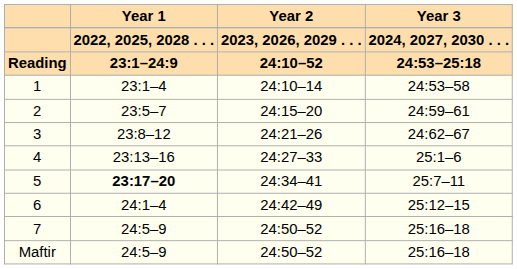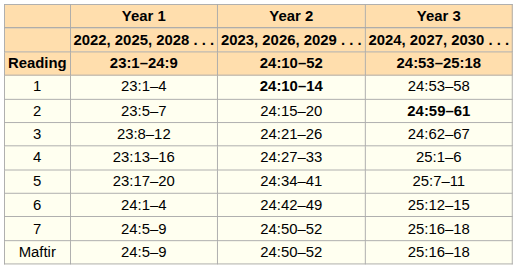 <table class="wikitable" style="background:Ivory; text-align:center">
 <tr>
 <th style="background:Navajowhite;"></th>
 <th style="background:Navajowhite;">Year 1</th>
 <th style="background:Navajowhite;">Year 2</th>
 <th style="background:Navajowhite;">Year 3</th>
 </tr>
 <tr>
 </tr>
 <tr>
 <th style="background:Navajowhite;"></th>
 <th style="background:Navajowhite;">2022, 2025, 2028 . . .</th>
 <th style="background:Navajowhite;">2023, 2026, 2029 . . .</th>
 <th style="background:Navajowhite;">2024, 2027, 2030 . . .</th>
 </tr>
 <tr>
 <th style="background:Navajowhite;">Reading</th>
 <th style="background:Navajowhite;">23:1–24:9</th>
 <th style="background:Navajowhite;">24:10–52</th>
 <th style="background:Navajowhite;">24:53–25:18</th>
 </tr>
 <tr>
 <td>1</td>
 <td>23:1–4</td>
-<td>24:10–14</td>
+<td><strong>24:10–14</strong></td>
 <td>24:53–58</td>
 </tr>
 <tr>
 <td>2</td>
 <td>23:5–7</td>
 <td>24:15–20</td>
-<td>24:59–61</td>
+<td><strong>24:59–61</strong></td>
 </tr>
 <tr>
 <td>3</td>
 <td>23:8–12</td>
 <td>24:21–26</td>
 <td>24:62–67</td>
 </tr>
 <tr>
 <td>4</td>
 <td>23:13–16</td>
 <td>24:27–33</td>
 <td>25:1–6</td>
 </tr>
 <tr>
 <td>5</td>
-<td><strong>23:17–20</strong></td>
+<td>23:17–20</td>
 <td>24:34–41</td>
 <td>25:7–11</td>
 </tr>
 <tr>
 <td>6</td>
 <td>24:1–4</td>
 <td>24:42–49</td>
 <td>25:12–15</td>
 </tr>
 <tr>
 <td>7</td>
 <td>24:5–9</td>
 <td>24:50–52</td>
 <td>25:16–18</td>
 </tr>
 <tr>
 <td>Maftir</td>
 <td>24:5–9</td>
 <td>24:50–52</td>
 <td>25:16–18</td>
 </tr>
 </table>
